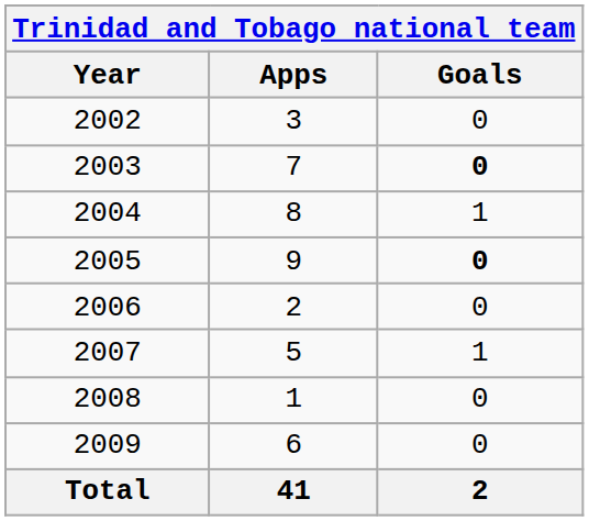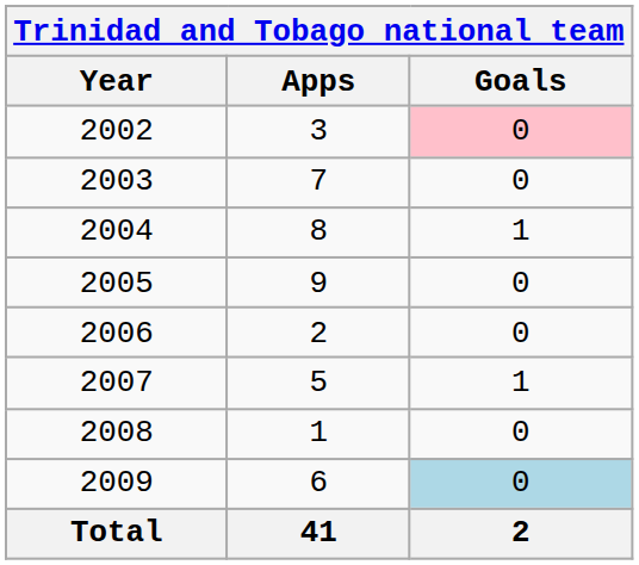 <table class="wikitable" style="text-align:center">
 <tr>
 <th colspan=3><a href='#'>Trinidad and Tobago national team</a></th>
 </tr>
 <tr>
 <th>Year</th>
 <th>Apps</th>
 <th>Goals</th>
 </tr>
 <tr>
 <td>2002</td>
 <td>3</td>
-<td>0</td>
+<td style="background: pink;">0</td>
 </tr>
 <tr>
 <td>2003</td>
 <td>7</td>
-<td><strong>0</strong></td>
+<td>0</td>
 </tr>
 <tr>
 <td>2004</td>
 <td>8</td>
 <td>1</td>
 </tr>
 <tr>
 <td>2005</td>
 <td>9</td>
-<td><strong>0</strong></td>
+<td>0</td>
 </tr>
 <tr>
 <td>2006</td>
 <td>2</td>
 <td>0</td>
 </tr>
 <tr>
 <td>2007</td>
 <td>5</td>
 <td>1</td>
 </tr>
 <tr>
 <td>2008</td>
 <td>1</td>
 <td>0</td>
 </tr>
 <tr>
 <td>2009</td>
 <td>6</td>
-<td>0</td>
+<td style="background: lightblue;">0</td>
 </tr>
 <tr>
 <th>Total</th>
 <th>41</th>
 <th>2</th>
 </tr>
 </table>
